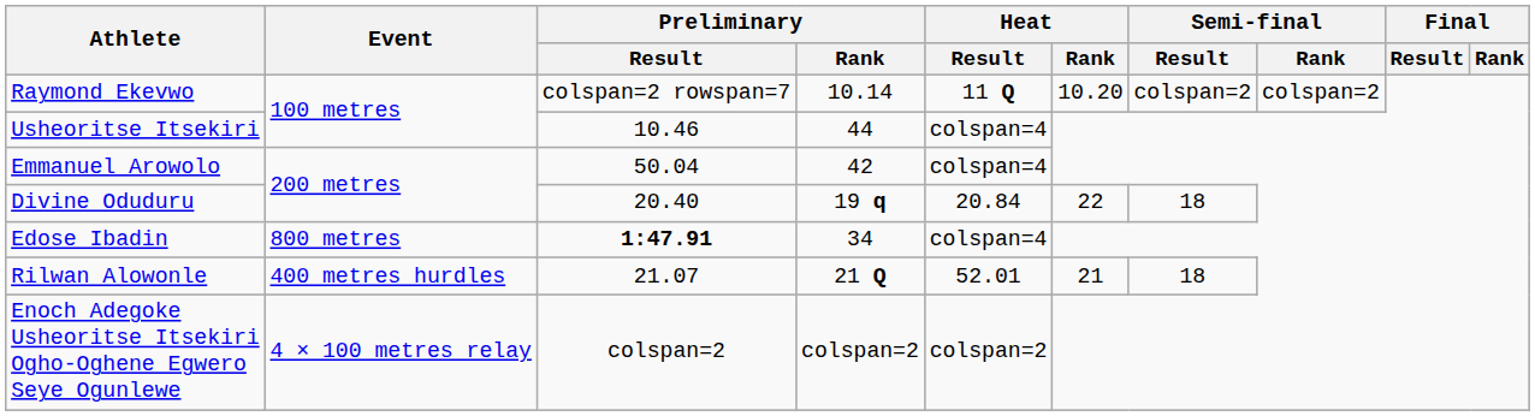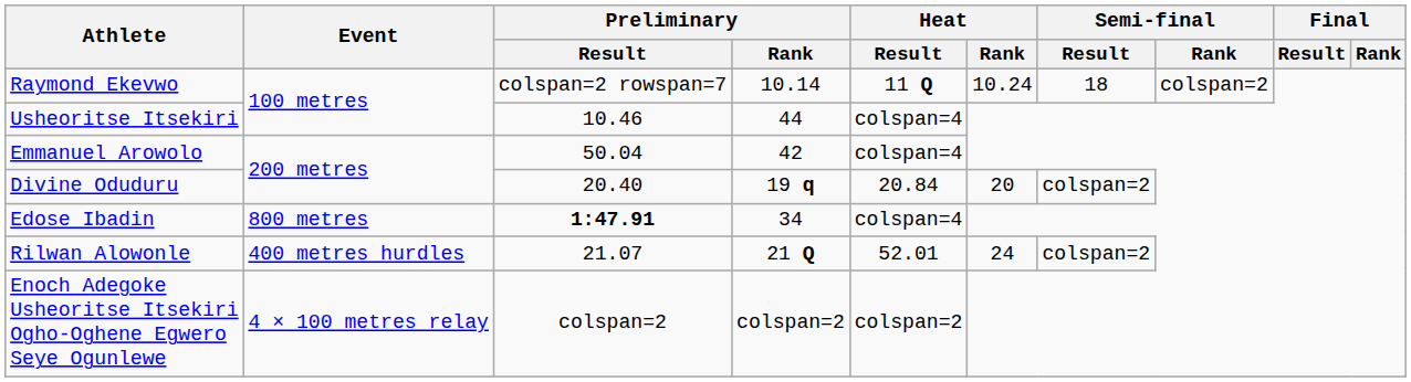 <table class="wikitable" style="font-size:90%">
 <tr>
 <th rowspan="2">Athlete</th>
 <th rowspan="2">Event</th>
 <th colspan="2">Preliminary</th>
 <th colspan="2">Heat</th>
 <th colspan="2">Semi-final</th>
 <th colspan="2">Final</th>
 </tr>
 <tr style="font-size:95%">
 <th>Result</th>
 <th>Rank</th>
 <th>Result</th>
 <th>Rank</th>
 <th>Result</th>
 <th>Rank</th>
 <th>Result</th>
 <th>Rank</th>
 </tr>
 <tr style=text-align:center>
 <td style=text-align:left><a href='#'>Raymond Ekevwo</a></td>
 <td style=text-align:left rowspan=2><a href='#'>100 metres</a></td>
 <td>colspan=2 rowspan=7</td>
 <td>10.14</td>
 <td>11 <strong>Q</strong></td>
-<td>10.20</td>
-<td>colspan=2 </td>
+<td>10.24</td>
+<td>18</td>
 <td>colspan=2 </td>
 </tr>
 <tr align=center>
 <td style=text-align:left><a href='#'>Usheoritse Itsekiri</a></td>
 <td>10.46</td>
 <td>44</td>
 <td>colspan=4 </td>
 </tr>
 <tr style=text-align:center>
 <td style=text-align:left><a href='#'>Emmanuel Arowolo</a></td>
 <td style=text-align:left rowspan=2><a href='#'>200 metres</a></td>
 <td>50.04</td>
 <td>42</td>
 <td>colspan=4</td>
 </tr>
 <tr align=center>
 <td style=text-align:left><a href='#'>Divine Oduduru</a></td>
 <td>20.40</td>
 <td>19 <strong>q</strong></td>
 <td>20.84</td>
-<td>22</td>
-<td>18</td>
+<td>20</td>
+<td>colspan=2</td>
 </tr>
 <tr style=text-align:center>
 <td style=text-align:left><a href='#'>Edose Ibadin</a></td>
 <td style=text-align:left><a href='#'>800 metres</a></td>
 <td><strong>1:47.91</strong></td>
 <td>34</td>
 <td>colspan=4</td>
 </tr>
 <tr style=text-align:center>
 <td style=text-align:left><a href='#'>Rilwan Alowonle</a></td>
 <td style=text-align:left><a href='#'>400 metres hurdles</a></td>
 <td>21.07</td>
 <td>21 <strong>Q</strong></td>
 <td>52.01</td>
-<td>21</td>
-<td>18</td>
+<td>24</td>
+<td>colspan=2 </td>
 </tr>
 <tr style=text-align:center>
 <td style=text-align:left><a href='#'>Enoch Adegoke</a><br><a href='#'>Usheoritse Itsekiri</a><br><a href='#'>Ogho-Oghene Egwero</a><br><a href='#'>Seye Ogunlewe</a></td>
 <td style=text-align:left><a href='#'>4 × 100 metres relay</a></td>
 <td>colspan=2</td>
 <td>colspan=2</td>
 <td>colspan=2 </td>
 </tr>
 </table>
